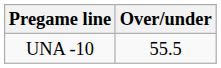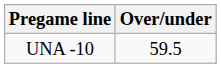 <table class="wikitable">
 <tr align="center">
 <th>Pregame line</th>
 <th>Over/under</th>
 </tr>
 <tr align="center">
 <td>UNA -10</td>
-<td>55.5</td>
+<td>59.5</td>
 </tr>
 </table>
